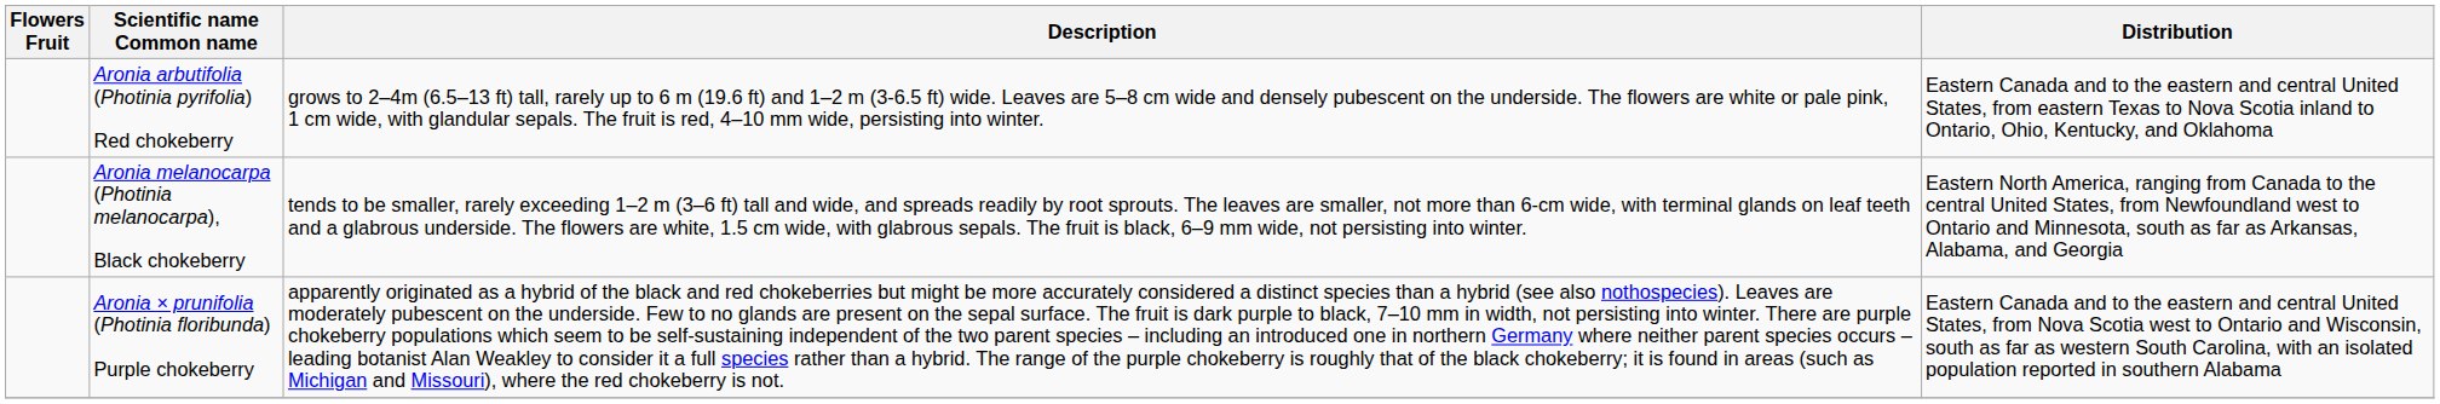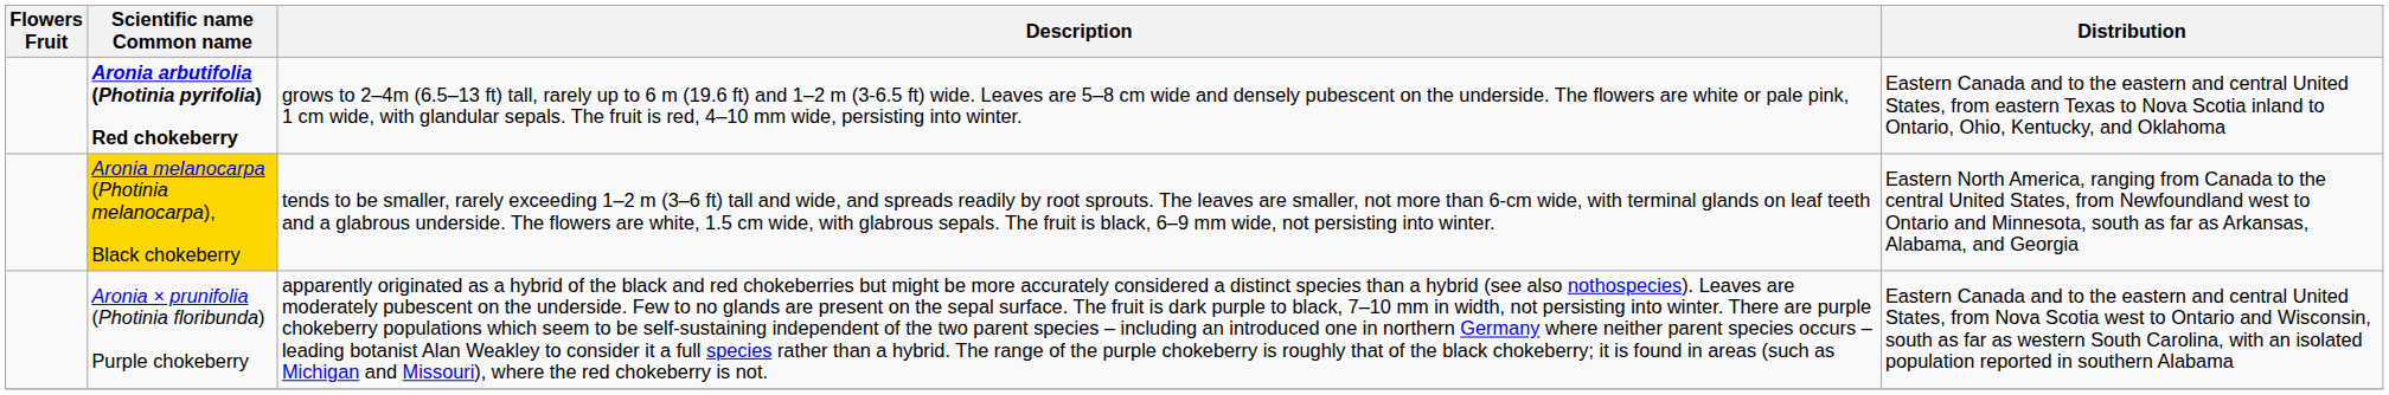 <table class="wikitable">
 <tr>
 <th>Flowers <br> Fruit</th>
 <th>Scientific name <br> Common name</th>
 <th>Description</th>
 <th>Distribution</th>
 </tr>
 <tr>
 <td><br> <br> </td>
-<td><em><a href='#'>Aronia arbutifolia</a></em> (<em>Photinia pyrifolia</em>)<br> <br> Red chokeberry</td>
+<td><strong><em><a href='#'>Aronia arbutifolia</a></em> (<em>Photinia pyrifolia</em>)<br> <br> Red chokeberry</strong></td>
 <td>grows to 2–4m (6.5–13 ft) tall, rarely up to 6 m (19.6 ft) and 1–2 m (3-6.5 ft) wide. Leaves are 5–8 cm wide and densely pubescent on the underside. The flowers are white or pale pink, 1 cm wide, with glandular sepals. The fruit is red, 4–10 mm wide, persisting into winter.</td>
 <td>Eastern Canada and to the eastern and central United States, from eastern Texas to Nova Scotia inland to Ontario, Ohio, Kentucky, and Oklahoma</td>
 </tr>
 <tr>
 <td><br> <br> </td>
-<td><em><a href='#'>Aronia melanocarpa</a></em> (<em>Photinia melanocarpa</em>), <br> <br> Black chokeberry</td>
+<td style="background: gold;"><em><a href='#'>Aronia melanocarpa</a></em> (<em>Photinia melanocarpa</em>), <br> <br> Black chokeberry</td>
 <td>tends to be smaller, rarely exceeding 1–2 m (3–6 ft) tall and wide, and spreads readily by root sprouts. The leaves are smaller, not more than 6-cm wide, with terminal glands on leaf teeth and a glabrous underside. The flowers are white, 1.5 cm wide, with glabrous sepals. The fruit is black, 6–9 mm wide, not persisting into winter.</td>
 <td>Eastern North America, ranging from Canada to the central United States, from Newfoundland west to Ontario and Minnesota, south as far as Arkansas, Alabama, and Georgia</td>
 </tr>
 <tr>
 <td></td>
 <td><em><a href='#'>Aronia × prunifolia</a></em> (<em>Photinia floribunda</em>) <br> <br> Purple chokeberry</td>
 <td>apparently originated as a hybrid of the black and red chokeberries but might be more accurately considered a distinct species than a hybrid (see also <a href='#'>nothospecies</a>). Leaves are moderately pubescent on the underside. Few to no glands are present on the sepal surface. The fruit is dark purple to black, 7–10 mm in width, not persisting into winter. There are purple chokeberry populations which seem to be self-sustaining independent of the two parent species – including an introduced one in northern <a href='#'>Germany</a> where neither parent species occurs – leading botanist Alan Weakley to consider it a full <a href='#'>species</a> rather than a hybrid. The range of the purple chokeberry is roughly that of the black chokeberry; it is found in areas (such as <a href='#'>Michigan</a> and <a href='#'>Missouri</a>), where the red chokeberry is not.</td>
 <td>Eastern Canada and to the eastern and central United States, from Nova Scotia west to Ontario and Wisconsin, south as far as western South Carolina, with an isolated population reported in southern Alabama</td>
 </tr>
 <tr>
 </tr>
 </table>
